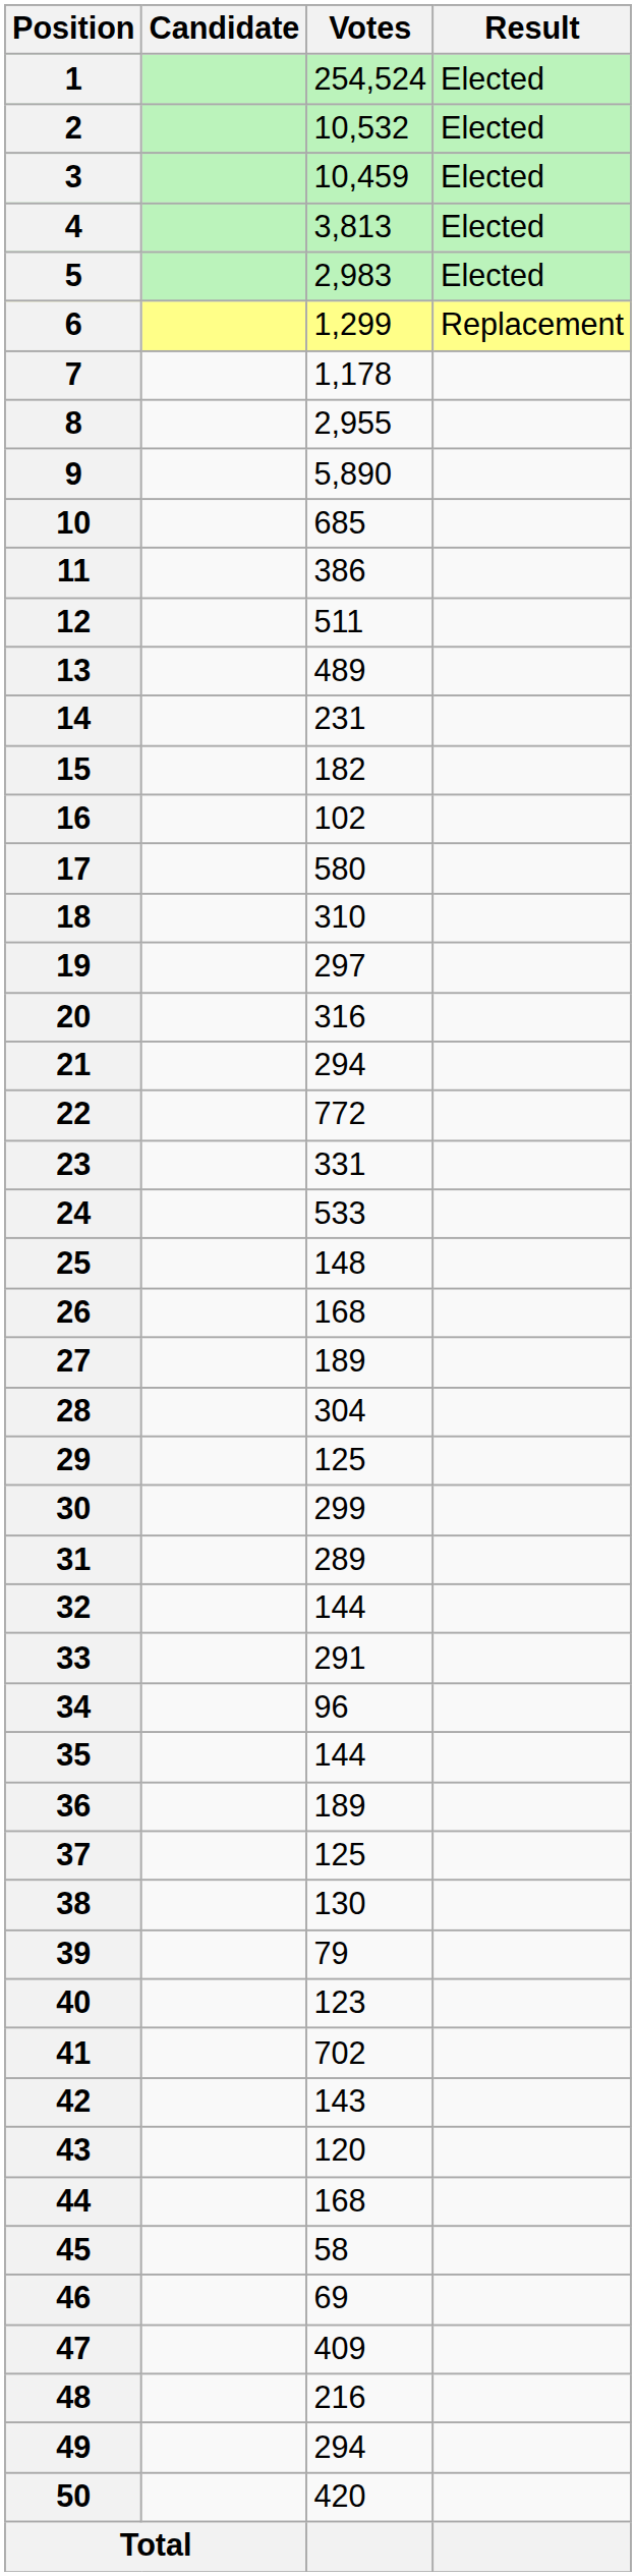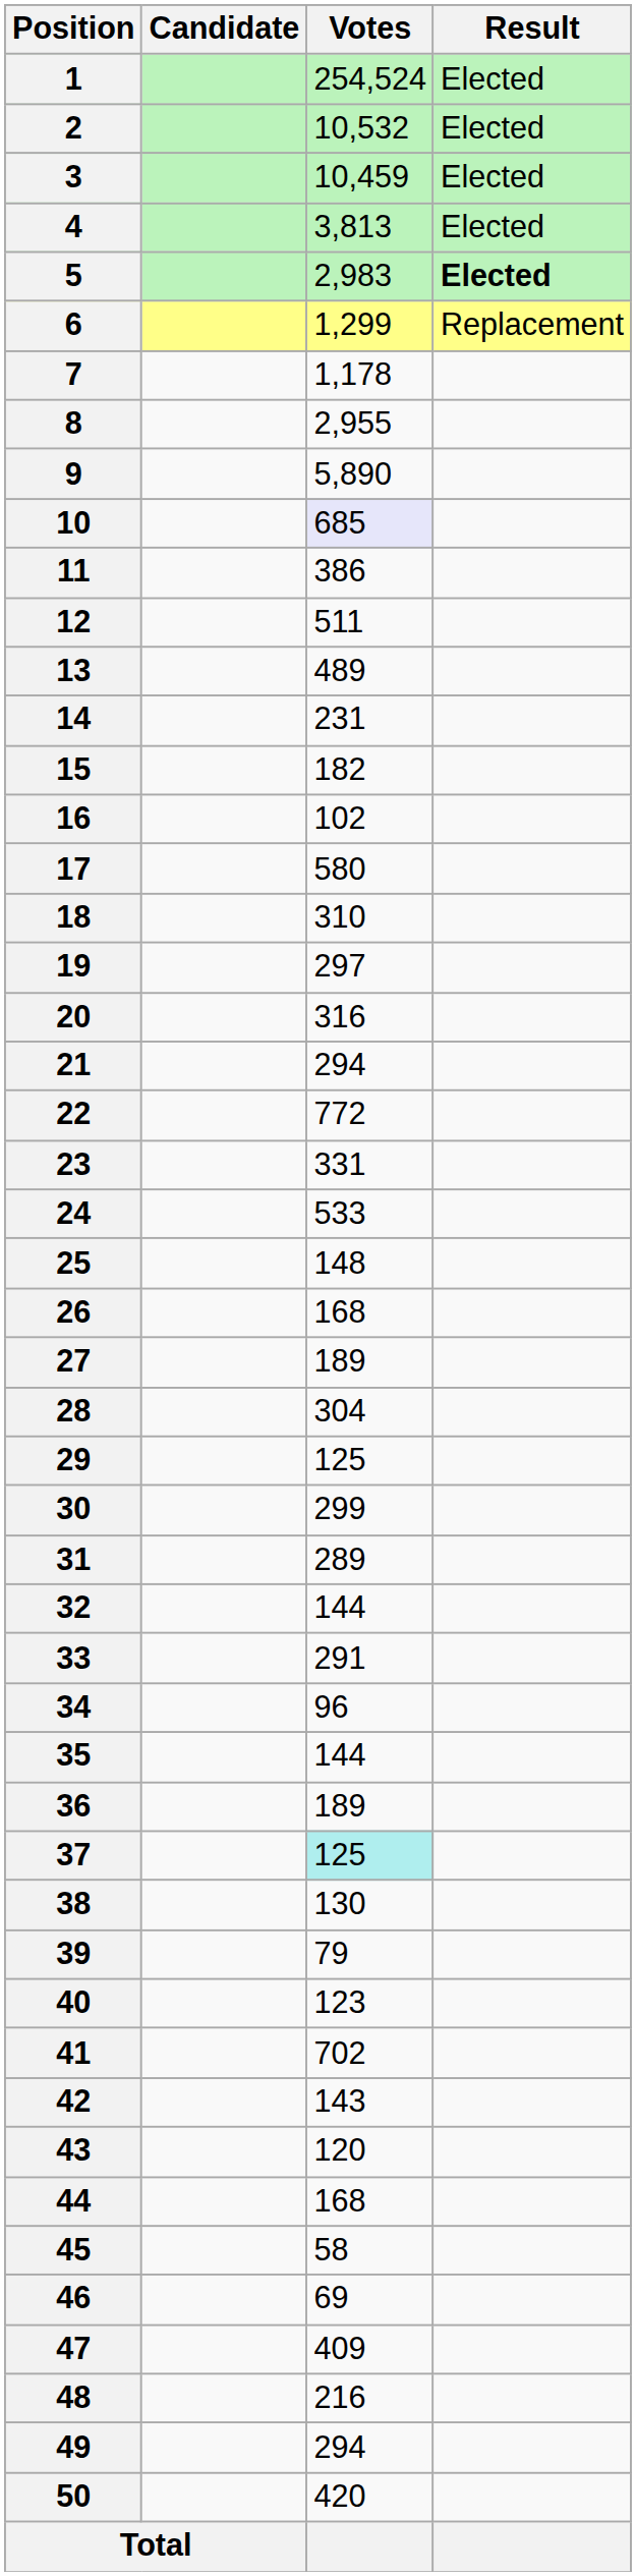 <table class="wikitable sortable col3right">
 <tr>
 <th scope="col">Position</th>
 <th scope="col">Candidate</th>
 <th scope="col">Votes</th>
 <th scope="col">Result</th>
 </tr>
 <tr bgcolor=bbf3bb>
 <th scope="row">1</th>
 <td></td>
 <td>254,524</td>
 <td>Elected</td>
 </tr>
 <tr bgcolor=bbf3bb>
 <th scope="row">2</th>
 <td></td>
 <td>10,532</td>
 <td>Elected</td>
 </tr>
 <tr bgcolor=bbf3bb>
 <th scope="row">3</th>
 <td></td>
 <td>10,459</td>
 <td>Elected</td>
 </tr>
 <tr bgcolor=bbf3bb>
 <th scope="row">4</th>
 <td></td>
 <td>3,813</td>
 <td>Elected</td>
 </tr>
 <tr bgcolor=bbf3bb>
 <th scope="row">5</th>
 <td></td>
 <td>2,983</td>
-<td>Elected</td>
+<td><strong>Elected</strong></td>
 </tr>
 <tr bgcolor=#FF8>
 <th scope="row">6</th>
 <td></td>
 <td>1,299</td>
 <td>Replacement</td>
 </tr>
 <tr>
 <th scope="row">7</th>
 <td></td>
 <td>1,178</td>
 <td></td>
 </tr>
 <tr>
 <th scope="row">8</th>
 <td></td>
 <td>2,955</td>
 <td></td>
 </tr>
 <tr>
 <th scope="row">9</th>
 <td></td>
 <td>5,890</td>
 <td></td>
 </tr>
 <tr>
 <th scope="row">10</th>
 <td></td>
-<td>685</td>
+<td style="background: lavender;">685</td>
 <td></td>
 </tr>
 <tr>
 <th scope="row">11</th>
 <td></td>
 <td>386</td>
 <td></td>
 </tr>
 <tr>
 <th scope="row">12</th>
 <td></td>
 <td>511</td>
 <td></td>
 </tr>
 <tr>
 <th scope="row">13</th>
 <td></td>
 <td>489</td>
 <td></td>
 </tr>
 <tr>
 <th scope="row">14</th>
 <td></td>
 <td>231</td>
 <td></td>
 </tr>
 <tr>
 <th scope="row">15</th>
 <td></td>
 <td>182</td>
 <td></td>
 </tr>
 <tr>
 <th scope="row">16</th>
 <td></td>
 <td>102</td>
 <td></td>
 </tr>
 <tr>
 <th scope="row">17</th>
 <td></td>
 <td>580</td>
 <td></td>
 </tr>
 <tr>
 <th scope="row">18</th>
 <td></td>
 <td>310</td>
 <td></td>
 </tr>
 <tr>
 <th scope="row">19</th>
 <td></td>
 <td>297</td>
 <td></td>
 </tr>
 <tr>
 <th scope="row">20</th>
 <td></td>
 <td>316</td>
 <td></td>
 </tr>
 <tr>
 <th scope="row">21</th>
 <td></td>
 <td>294</td>
 <td></td>
 </tr>
 <tr>
 <th scope="row">22</th>
 <td></td>
 <td>772</td>
 <td></td>
 </tr>
 <tr>
 <th scope="row">23</th>
 <td></td>
 <td>331</td>
 <td></td>
 </tr>
 <tr>
 <th scope="row">24</th>
 <td></td>
 <td>533</td>
 <td></td>
 </tr>
 <tr>
 <th scope="row">25</th>
 <td></td>
 <td>148</td>
 <td></td>
 </tr>
 <tr>
 <th scope="row">26</th>
 <td></td>
 <td>168</td>
 <td></td>
 </tr>
 <tr>
 <th scope="row">27</th>
 <td></td>
 <td>189</td>
 <td></td>
 </tr>
 <tr>
 <th scope="row">28</th>
 <td></td>
 <td>304</td>
 <td></td>
 </tr>
 <tr>
 <th scope="row">29</th>
 <td></td>
 <td>125</td>
 <td></td>
 </tr>
 <tr>
 <th scope="row">30</th>
 <td></td>
 <td>299</td>
 <td></td>
 </tr>
 <tr>
 <th scope="row">31</th>
 <td></td>
 <td>289</td>
 <td></td>
 </tr>
 <tr>
 <th scope="row">32</th>
 <td></td>
 <td>144</td>
 <td></td>
 </tr>
 <tr>
 <th scope="row">33</th>
 <td></td>
 <td>291</td>
 <td></td>
 </tr>
 <tr>
 <th scope="row">34</th>
 <td></td>
 <td>96</td>
 <td></td>
 </tr>
 <tr>
 <th scope="row">35</th>
 <td></td>
 <td>144</td>
 <td></td>
 </tr>
 <tr>
 <th scope="row">36</th>
 <td></td>
 <td>189</td>
 <td></td>
 </tr>
 <tr>
 <th scope="row">37</th>
 <td></td>
-<td>125</td>
+<td style="background: paleturquoise;">125</td>
 <td></td>
 </tr>
 <tr>
 <th scope="row">38</th>
 <td></td>
 <td>130</td>
 <td></td>
 </tr>
 <tr>
 <th scope="row">39</th>
 <td></td>
 <td>79</td>
 <td></td>
 </tr>
 <tr>
 <th scope="row">40</th>
 <td></td>
 <td>123</td>
 <td></td>
 </tr>
 <tr>
 <th scope="row">41</th>
 <td></td>
 <td>702</td>
 <td></td>
 </tr>
 <tr>
 <th scope="row">42</th>
 <td></td>
 <td>143</td>
 <td></td>
 </tr>
 <tr>
 <th scope="row">43</th>
 <td></td>
 <td>120</td>
 <td></td>
 </tr>
 <tr>
 <th scope="row">44</th>
 <td></td>
 <td>168</td>
 <td></td>
 </tr>
 <tr>
 <th scope="row">45</th>
 <td></td>
 <td>58</td>
 <td></td>
 </tr>
 <tr>
 <th scope="row">46</th>
 <td></td>
 <td>69</td>
 <td></td>
 </tr>
 <tr>
 <th scope="row">47</th>
 <td></td>
 <td>409</td>
 <td></td>
 </tr>
 <tr>
 <th scope="row">48</th>
 <td></td>
 <td>216</td>
 <td></td>
 </tr>
 <tr>
 <th scope="row">49</th>
 <td></td>
 <td>294</td>
 <td></td>
 </tr>
 <tr>
 <th scope="row">50</th>
 <td></td>
 <td>420</td>
 <td></td>
 </tr>
 <tr class="sortbottom">
 <th scope="row" colspan="2">Total</th>
 <th></th>
 <th></th>
 </tr>
 </table>
